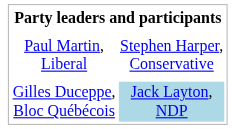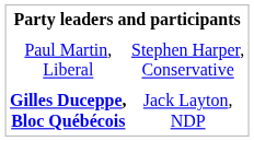 <table style="border: solid 1px #bbb; margin: 0 0 0 1.4em; float:right; font-size:90%; text-align:center">
 <tr>
 <th colspan="3">Party leaders and participants</th>
 </tr>
 <tr>
 <td></td>
 <td></td>
 </tr>
 <tr>
 <td><a href='#'>Paul Martin</a>, <br><a href='#'>Liberal</a></td>
 <td><a href='#'>Stephen Harper</a>, <br><a href='#'>Conservative</a></td>
 </tr>
 <tr>
 <td></td>
 <td></td>
 </tr>
 <tr>
-<td><a href='#'>Gilles Duceppe</a>, <br><a href='#'>Bloc Québécois</a></td>
-<td style="background: lightblue;"><a href='#'>Jack Layton</a>, <br><a href='#'>NDP</a></td>
+<td><strong><a href='#'>Gilles Duceppe</a>, <br><a href='#'>Bloc Québécois</a></strong></td>
+<td><a href='#'>Jack Layton</a>, <br><a href='#'>NDP</a></td>
 </tr>
 </table>
